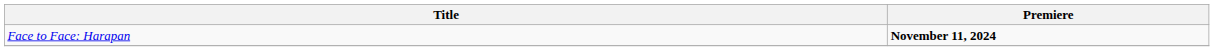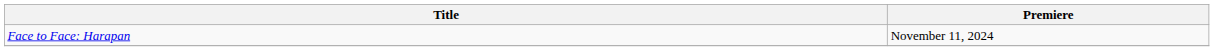 <table class="wikitable sortable" width="75%">
 <tr>
 <th style="width:55%;">Title</th>
 <th style="width:20%;">Premiere</th>
 </tr>
 <tr>
 <td><em><a href='#'>Face to Face: Harapan</a></em></td>
-<td><strong>November 11, 2024</strong></td>
+<td>November 11, 2024</td>
 </tr>
 <tr>
 </tr>
 </table>
